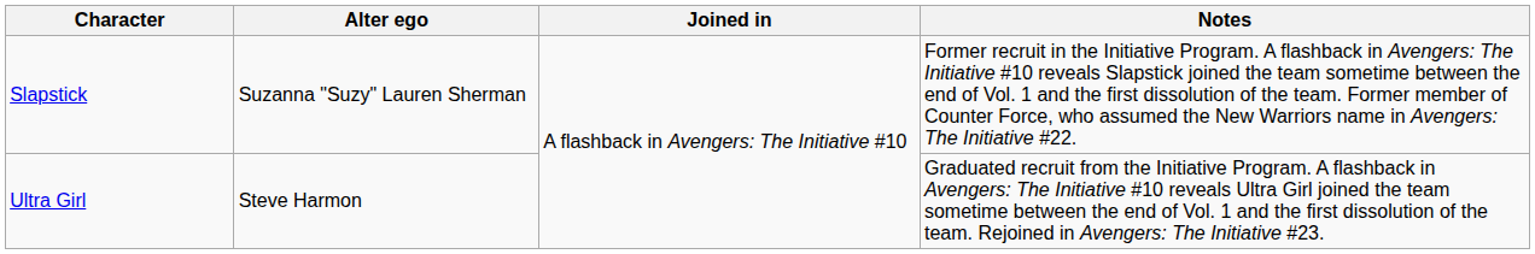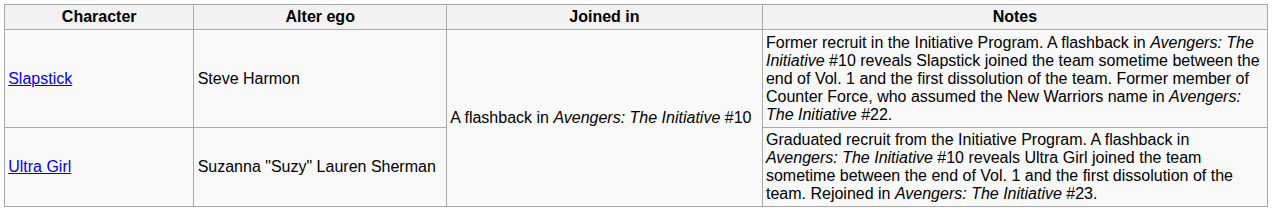 <table class="wikitable" width=100%>
 <tr>
 <th width=15%>Character</th>
 <th width=20%>Alter ego</th>
 <th width=25%>Joined in</th>
 <th width=40%>Notes</th>
 </tr>
 <tr>
 <td><a href='#'>Slapstick</a></td>
-<td>Suzanna "Suzy" Lauren Sherman</td>
+<td>Steve Harmon</td>
 <td rowspan="2">A flashback in <em>Avengers: The Initiative</em> #10</td>
 <td>Former recruit in the Initiative Program. A flashback in <em>Avengers: The Initiative</em> #10 reveals Slapstick joined the team sometime between the end of Vol. 1 and the first dissolution of the team. Former member of Counter Force, who assumed the New Warriors name in <em>Avengers: The Initiative</em> #22.</td>
 </tr>
 <tr>
 <td><a href='#'>Ultra Girl</a></td>
-<td>Steve Harmon</td>
+<td>Suzanna "Suzy" Lauren Sherman</td>
 <td>Graduated recruit from the Initiative Program. A flashback in <em>Avengers: The Initiative</em> #10 reveals Ultra Girl joined the team sometime between the end of Vol. 1 and the first dissolution of the team. Rejoined in <em>Avengers: The Initiative</em> #23.</td>
 </tr>
 <tr>
 </tr>
 </table>
